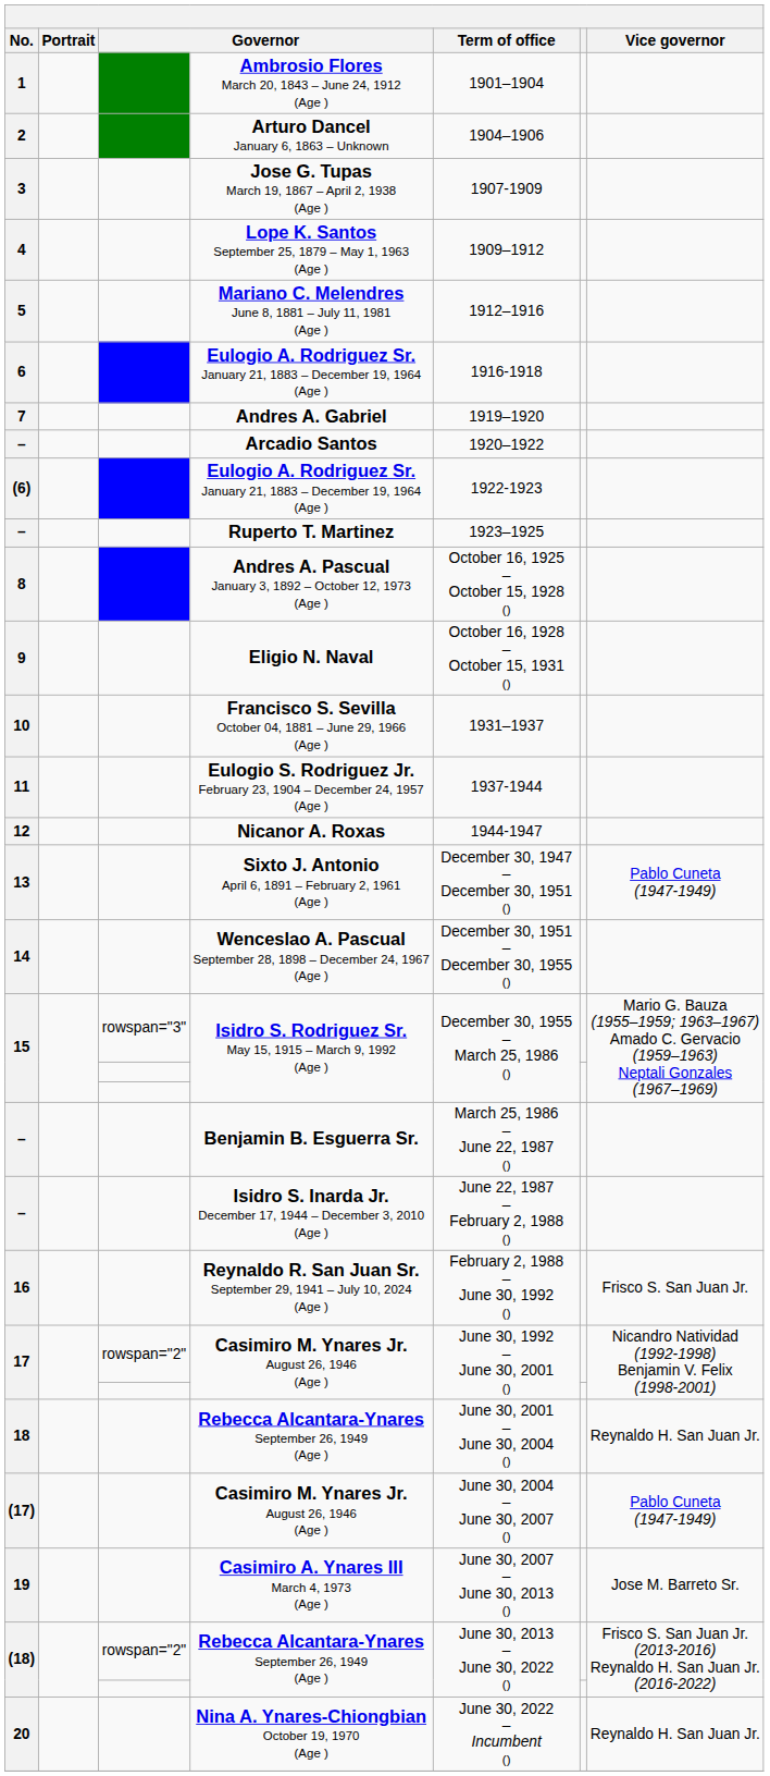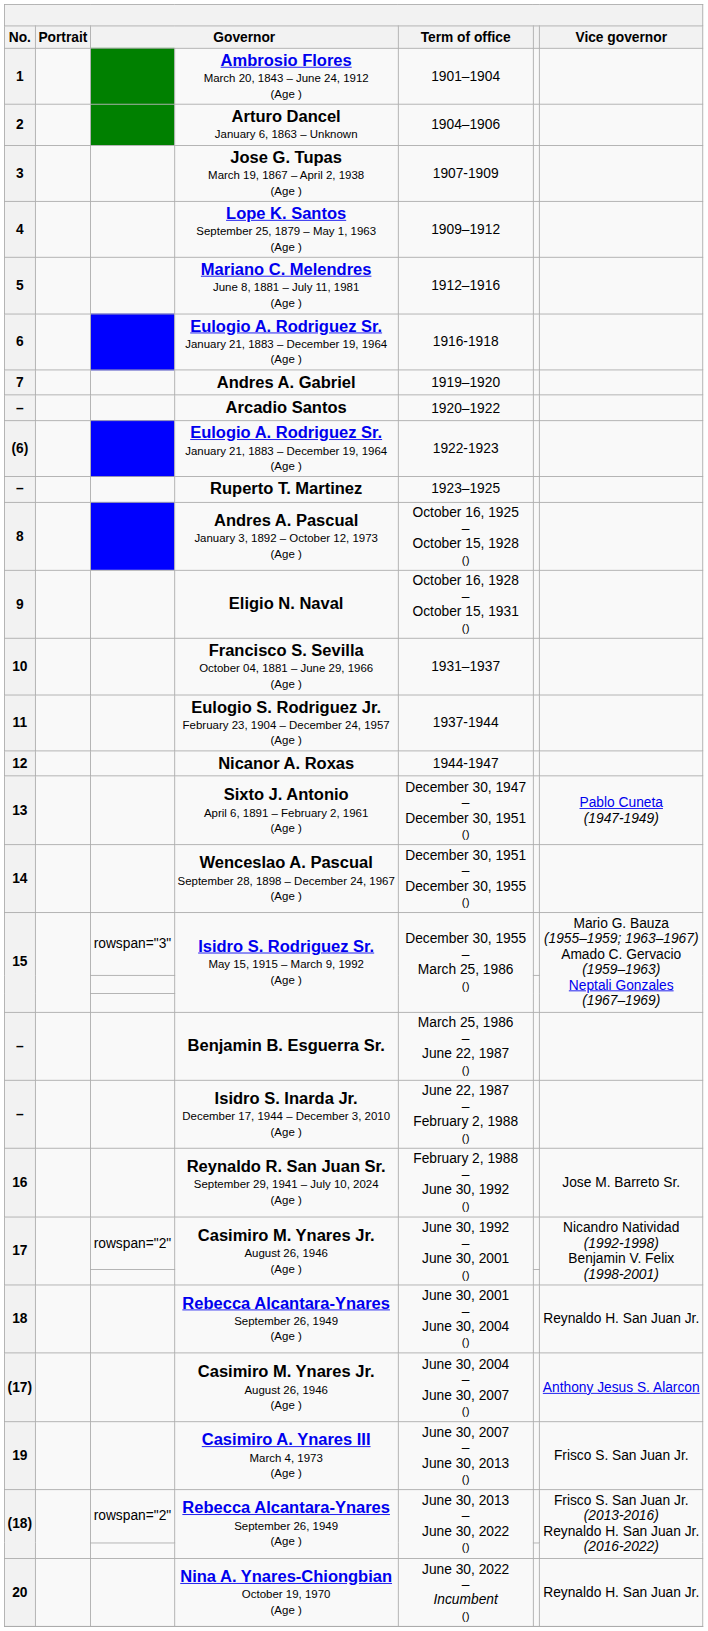 <table class="wikitable" style="text-align: center;">
 <tr>
 <th colspan="11"><br>        </th>
 </tr>
 <tr>
 <th>No.</th>
 <th>Portrait</th>
 <th colspan="2" style="width:250px;">Governor</th>
 <th style="width:150px;">Term of office</th>
 <th></th>
 <th>Vice governor</th>
 </tr>
 <tr>
 <th>1</th>
 <td></td>
 <td style="background:green;"> </td>
 <td><big><strong><a href='#'>Ambrosio Flores</a></strong></big><br><small>March 20, 1843 – June 24, 1912<br>(Age )</small></td>
 <td>1901–1904</td>
 <td></td>
 <td></td>
 </tr>
 <tr>
 <th>2</th>
 <td></td>
 <td style="background:green;"> </td>
 <td><big><strong>Arturo Dancel</strong></big><br><small>January 6, 1863 – Unknown</small></td>
 <td>1904–1906</td>
 <td></td>
 <td></td>
 </tr>
 <tr>
 <th>3</th>
 <td></td>
 <td></td>
 <td><big><strong>Jose G. Tupas</strong></big><br><small>March 19, 1867 – April 2, 1938<br>(Age )</small></td>
 <td>1907-1909</td>
 <td></td>
 <td></td>
 </tr>
 <tr>
 <th>4</th>
 <td></td>
 <td></td>
 <td><big><strong><a href='#'>Lope K. Santos</a></strong></big><br><small>September 25, 1879 – May 1, 1963<br>(Age )</small></td>
 <td>1909–1912</td>
 <td></td>
 <td></td>
 </tr>
 <tr>
 <th>5</th>
 <td></td>
 <td></td>
 <td><big><strong><a href='#'>Mariano C. Melendres</a></strong></big><br><small>June 8, 1881 – July 11, 1981<br>(Age )</small></td>
 <td>1912–1916</td>
 <td></td>
 <td></td>
 </tr>
 <tr>
 <th>6</th>
 <td></td>
 <td style="background:blue;"> </td>
 <td><big><strong><a href='#'>Eulogio A. Rodriguez Sr.</a></strong></big><br><small>January 21, 1883 – December 19, 1964<br>(Age )</small></td>
 <td>1916-1918</td>
 <td></td>
 <td></td>
 </tr>
 <tr>
 <th>7</th>
 <td></td>
 <td></td>
 <td><big><strong>Andres A. Gabriel</strong></big></td>
 <td>1919–1920</td>
 <td></td>
 <td></td>
 </tr>
 <tr>
 <th>–</th>
 <td></td>
 <td></td>
 <td><big><strong>Arcadio Santos</strong></big></td>
 <td>1920–1922</td>
 <td></td>
 <td></td>
 </tr>
 <tr>
 <th>(6)</th>
 <td></td>
 <td style="background:blue;"> </td>
 <td><big><strong><a href='#'>Eulogio A. Rodriguez Sr.</a></strong></big><br><small>January 21, 1883 – December 19, 1964<br>(Age )</small></td>
 <td>1922-1923</td>
 <td></td>
 <td></td>
 </tr>
 <tr>
 <th>–</th>
 <td></td>
 <td></td>
 <td><big><strong>Ruperto T. Martinez</strong></big></td>
 <td>1923–1925</td>
 <td></td>
 <td></td>
 </tr>
 <tr>
 <th>8</th>
 <td></td>
 <td style="background:blue;"> </td>
 <td><big><strong>Andres A. Pascual</strong></big><br><small>January 3, 1892 – October 12, 1973<br>(Age )</small></td>
 <td>October 16, 1925<br>–<br>October 15, 1928<br><small>()</small></td>
 <td></td>
 <td></td>
 </tr>
 <tr>
 <th>9</th>
 <td></td>
 <td></td>
 <td><big><strong>Eligio N. Naval</strong></big></td>
 <td>October 16, 1928<br>–<br>October 15, 1931<br><small>()</small></td>
 <td></td>
 <td></td>
 </tr>
 <tr>
 <th>10</th>
 <td></td>
 <td></td>
 <td><big><strong>Francisco S. Sevilla</strong></big><br><small>October 04, 1881 – June 29, 1966<br>(Age )</small></td>
 <td>1931–1937</td>
 <td></td>
 <td></td>
 </tr>
 <tr>
 <th>11</th>
 <td></td>
 <td></td>
 <td><big><strong>Eulogio S. Rodriguez Jr.</strong></big><br><small>February 23, 1904 – December 24, 1957<br>(Age )</small></td>
 <td>1937-1944</td>
 <td></td>
 <td></td>
 </tr>
 <tr>
 <th>12</th>
 <td></td>
 <td></td>
 <td><big><strong>Nicanor A. Roxas</strong></big></td>
 <td>1944-1947</td>
 <td></td>
 <td></td>
 </tr>
 <tr>
 <th>13</th>
 <td></td>
 <td></td>
 <td><big><strong>Sixto J. Antonio</strong></big><br><small>April 6, 1891 – February 2, 1961<br>(Age )</small></td>
 <td>December 30, 1947<br>–<br>December 30, 1951<br><small>()</small></td>
 <td></td>
 <td><a href='#'>Pablo Cuneta</a><br><em>(1947-1949)</em></td>
 </tr>
 <tr>
 <th>14</th>
 <td></td>
 <td></td>
 <td><big><strong>Wenceslao A. Pascual</strong></big><br><small>September 28, 1898 – December 24, 1967<br>(Age )</small></td>
 <td>December 30, 1951<br>–<br>December 30, 1955<br><small>()</small></td>
 <td></td>
 <td></td>
 </tr>
 <tr>
 <th rowspan="3">15</th>
 <td rowspan="3"></td>
 <td>rowspan="3" </td>
 <td rowspan="3"><big><strong><a href='#'>Isidro S. Rodriguez Sr.</a></strong></big><br><small>May 15, 1915 – March 9, 1992<br>(Age )</small></td>
 <td rowspan="3">December 30, 1955<br>–<br>March 25, 1986<br><small>()</small></td>
 <td></td>
 <td rowspan="3">Mario G. Bauza<br><em>(1955–1959; 1963–1967)</em><br>Amado C. Gervacio<br><em>(1959–1963)</em><br><a href='#'>Neptali Gonzales</a><br><em>(1967–1969)</em></td>
 </tr>
 <tr>
 <td></td>
 </tr>
 <tr>
 <td></td>
 </tr>
 <tr>
 <th>–</th>
 <td></td>
 <td></td>
 <td><big><strong>Benjamin B. Esguerra Sr.</strong></big><br></td>
 <td>March 25, 1986<br>–<br>June 22, 1987<br> <small>()</small></td>
 <td></td>
 <td></td>
 </tr>
 <tr>
 <th>–</th>
 <td></td>
 <td></td>
 <td><big><strong>Isidro S. Inarda Jr.</strong></big><br><small>December 17, 1944 – December 3, 2010<br>(Age )</small></td>
 <td>June 22, 1987<br>–<br>February 2, 1988<br> <small>()</small></td>
 <td></td>
 <td></td>
 </tr>
 <tr>
 <th>16</th>
 <td></td>
 <td></td>
 <td><big><strong>Reynaldo R. San Juan Sr.</strong></big><br><small>September 29, 1941 – July 10, 2024<br>(Age )</small></td>
 <td>February 2, 1988<br>–<br>June 30, 1992  <br><small>()</small></td>
 <td></td>
-<td>Frisco S. San Juan Jr.</td>
+<td>Jose M. Barreto Sr.</td>
 </tr>
 <tr>
 <th rowspan="2">17</th>
 <td rowspan="2"></td>
 <td>rowspan="2" </td>
 <td rowspan="2"><big><strong>Casimiro M. Ynares Jr.</strong></big><br><small>August 26, 1946<br>(Age )</small></td>
 <td rowspan="2">June 30, 1992<br>–<br>June 30, 2001  <br><small>()</small></td>
 <td></td>
 <td rowspan="2">Nicandro Natividad<br><em>(1992-1998)</em><br>Benjamin V. Felix<br><em>(1998-2001)</em></td>
 </tr>
 <tr>
 <td></td>
 </tr>
 <tr>
 <th>18</th>
 <td></td>
 <td></td>
 <td><big><strong><a href='#'>Rebecca Alcantara-Ynares</a></strong></big><br><small>September 26, 1949<br>(Age )</small></td>
 <td>June 30, 2001<br>–<br>June 30, 2004 <br><small>()</small></td>
 <td></td>
 <td>Reynaldo H. San Juan Jr.</td>
 </tr>
 <tr>
 <th>(17)</th>
 <td></td>
 <td></td>
 <td><big><strong>Casimiro M. Ynares Jr.</strong></big><br><small>August 26, 1946<br>(Age )</small></td>
 <td>June 30, 2004<br>–<br>June 30, 2007  <br><small>()</small></td>
 <td></td>
-<td><a href='#'>Pablo Cuneta</a><br><em>(1947-1949)</em></td>
+<td><a href='#'>Anthony Jesus S. Alarcon</a></td>
 </tr>
 <tr>
 <th>19</th>
 <td></td>
 <td></td>
 <td><big><strong><a href='#'>Casimiro A. Ynares III</a></strong></big><br><small>March 4, 1973<br>(Age )</small></td>
 <td>June 30, 2007<br>–<br>June 30, 2013 <br><small>()</small></td>
 <td></td>
-<td>Jose M. Barreto Sr.</td>
+<td>Frisco S. San Juan Jr.</td>
 </tr>
 <tr>
 <th rowspan="2">(18)</th>
 <td rowspan="2"></td>
 <td>rowspan="2" </td>
 <td rowspan="2"><big><strong><a href='#'>Rebecca Alcantara-Ynares</a></strong></big><br><small>September 26, 1949<br>(Age )</small></td>
 <td rowspan="2">June 30, 2013<br>–<br>June 30, 2022 <br><small>()</small></td>
 <td></td>
 <td rowspan="2">Frisco S. San Juan Jr.<br><em>(2013-2016)</em><br>Reynaldo H. San Juan Jr.<br><em>(2016-2022)</em></td>
 </tr>
 <tr>
 <td></td>
 </tr>
 <tr>
 <th>20</th>
 <td></td>
 <td></td>
 <td><big><strong><a href='#'>Nina A. Ynares-Chiongbian</a></strong></big><br><small>October 19, 1970<br>(Age )</small></td>
 <td>June 30, 2022<br>–<br><em>Incumbent</em> <br><small>()</small></td>
 <td></td>
 <td>Reynaldo H. San Juan Jr.</td>
 </tr>
 <tr>
 </tr>
 </table>
